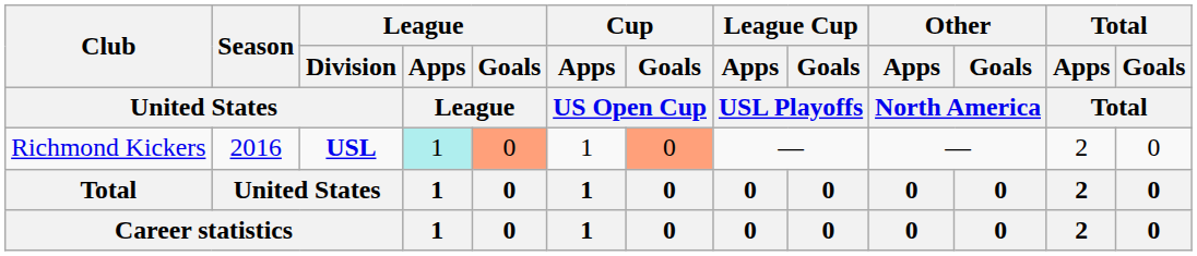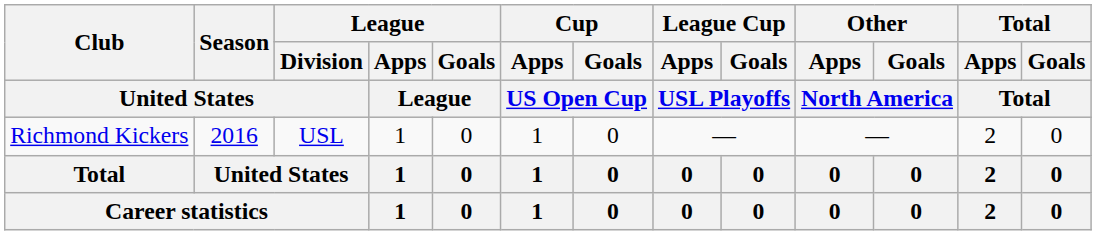 <table class="wikitable" style="text-align: center;">
 <tr>
 <th rowspan="2">Club</th>
 <th rowspan="2">Season</th>
 <th colspan="3">League</th>
 <th colspan="2">Cup</th>
 <th colspan="2">League Cup</th>
 <th colspan="2">Other</th>
 <th colspan="2">Total</th>
 </tr>
 <tr>
 <th>Division</th>
 <th>Apps</th>
 <th>Goals</th>
 <th>Apps</th>
 <th>Goals</th>
 <th>Apps</th>
 <th>Goals</th>
 <th>Apps</th>
 <th>Goals</th>
 <th>Apps</th>
 <th>Goals</th>
 </tr>
 <tr>
 <th colspan=3>United States</th>
 <th colspan=2>League</th>
 <th colspan=2><a href='#'>US Open Cup</a></th>
 <th colspan=2><a href='#'>USL Playoffs</a></th>
 <th colspan=2><a href='#'>North America</a></th>
 <th colspan=2>Total</th>
 </tr>
 <tr>
 <td><a href='#'>Richmond Kickers</a></td>
 <td><a href='#'>2016</a></td>
-<td><strong><a href='#'>USL</a></strong></td>
-<td style="background: paleturquoise;">1</td>
-<td style="background: lightsalmon;">0</td>
+<td><a href='#'>USL</a></td>
 <td>1</td>
-<td style="background: lightsalmon;">0</td>
+<td>0</td>
+<td>1</td>
+<td>0</td>
 <td colspan="2">—</td>
 <td colspan="2">—</td>
 <td>2</td>
 <td>0</td>
 </tr>
 <tr>
 <th>Total</th>
 <th colspan=2>United States</th>
 <th>1</th>
 <th>0</th>
 <th>1</th>
 <th>0</th>
 <th>0</th>
 <th>0</th>
 <th>0</th>
 <th>0</th>
 <th>2</th>
 <th>0</th>
 </tr>
 <tr>
 <th colspan=3>Career statistics</th>
 <th>1</th>
 <th>0</th>
 <th>1</th>
 <th>0</th>
 <th>0</th>
 <th>0</th>
 <th>0</th>
 <th>0</th>
 <th>2</th>
 <th>0</th>
 </tr>
 </table>
